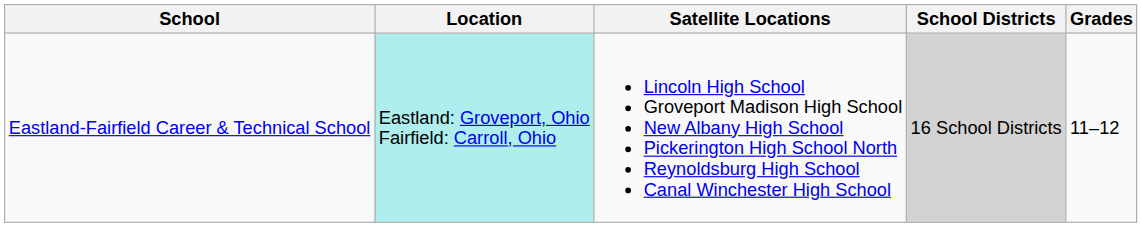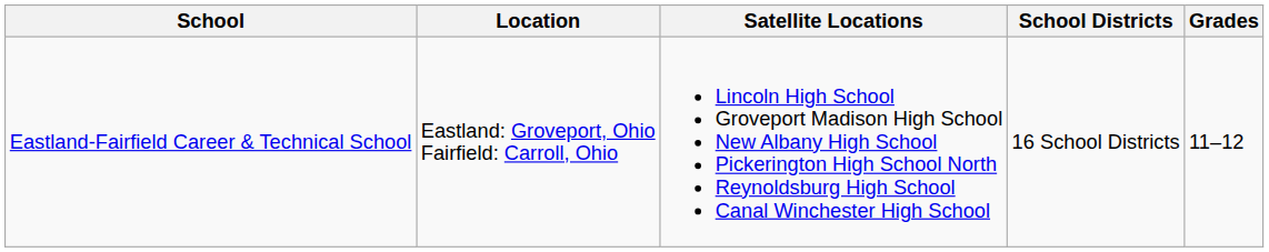 <table class="wikitable">
 <tr>
 <th>School</th>
 <th>Location</th>
 <th>Satellite Locations</th>
 <th>School Districts</th>
 <th>Grades</th>
 </tr>
 <tr>
 <td><a href='#'>Eastland-Fairfield Career & Technical School</a></td>
-<td style="background: paleturquoise;">Eastland: <a href='#'>Groveport, Ohio</a><br>Fairfield: <a href='#'>Carroll, Ohio</a></td>
+<td>Eastland: <a href='#'>Groveport, Ohio</a><br>Fairfield: <a href='#'>Carroll, Ohio</a></td>
 <td><br><ul><li><a href='#'>Lincoln High School</a></li><li>Groveport Madison High School</li><li><a href='#'>New Albany High School</a></li><li><a href='#'>Pickerington High School North</a></li><li><a href='#'>Reynoldsburg High School</a></li><li><a href='#'>Canal Winchester High School</a></li></ul></td>
-<td style="background: lightgrey;">16 School Districts</td>
+<td>16 School Districts</td>
 <td>11–12</td>
 </tr>
 </table>
